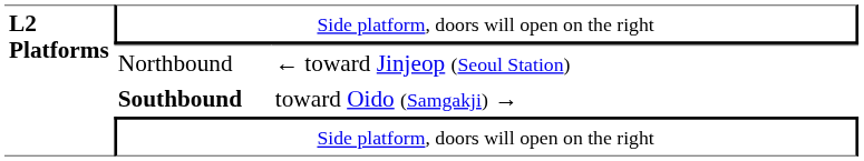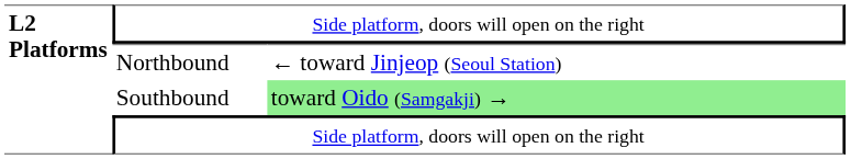 <table table border=0 cellspacing=0 cellpadding=3>
 <tr>
 <td style="border-top:solid 1px gray;border-bottom:solid 1px gray;" width=50 rowspan=10 valign=top><strong>L2<br>Platforms</strong></td>
 <td style="border-top:solid 1px gray;border-right:solid 2px black;border-left:solid 2px black;border-bottom:solid 2px black;text-align:center;" colspan=2><small><a href='#'>Side platform</a>, doors will open on the right</small></td>
 </tr>
 <tr>
 <td style="border-bottom:solid 0px gray;border-top:solid 1px gray;" width=100>Northbound</td>
 <td style="border-bottom:solid 0px gray;border-top:solid 1px gray;" width=390>←  toward <a href='#'>Jinjeop</a> <small>(<a href='#'>Seoul Station</a>)</small></td>
 </tr>
 <tr>
-<td><strong>Southbound</strong></td>
-<td>  toward <a href='#'>Oido</a> <small>(<a href='#'>Samgakji</a>)</small> →</td>
+<td>Southbound</td>
+<td style="background: lightgreen;">  toward <a href='#'>Oido</a> <small>(<a href='#'>Samgakji</a>)</small> →</td>
 </tr>
 <tr>
 <td style="border-top:solid 2px black;border-right:solid 2px black;border-left:solid 2px black;border-bottom:solid 1px gray;text-align:center;" colspan=2><small><a href='#'>Side platform</a>, doors will open on the right</small></td>
 </tr>
 </table>
